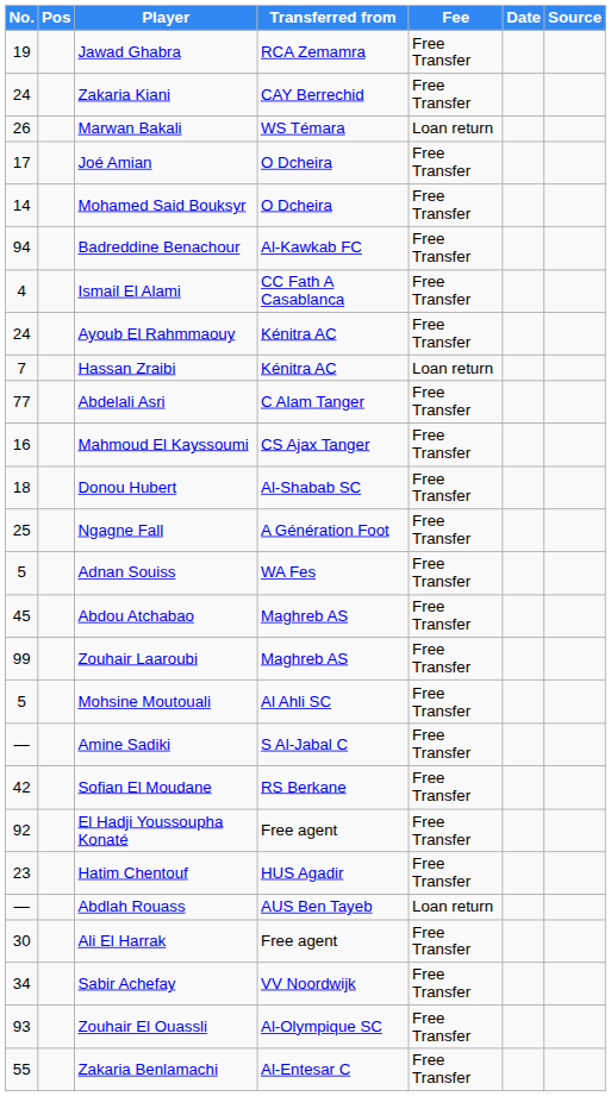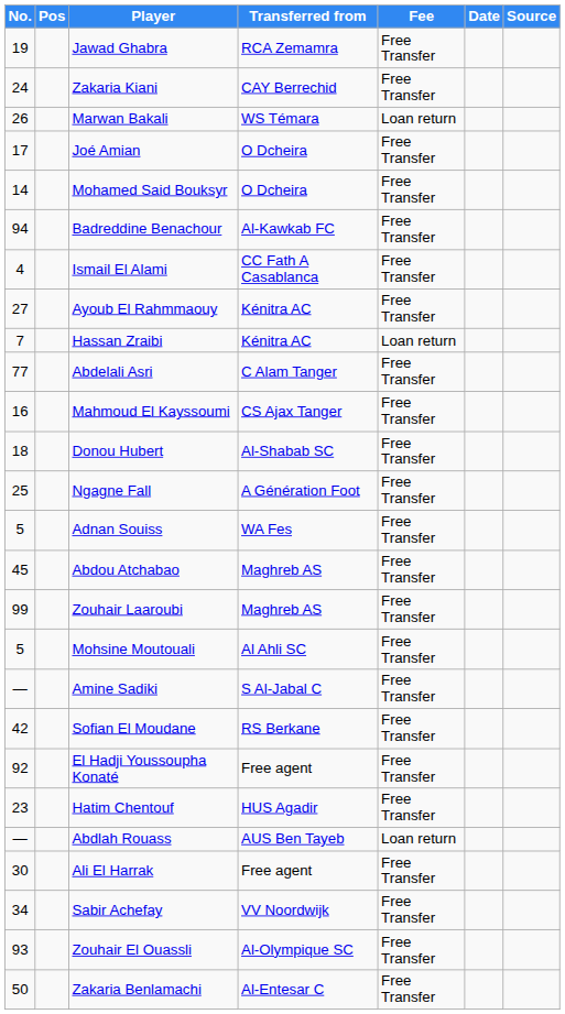 <table class="wikitable plainrowheaders sortable">
 <tr>
 <th style="background:#3088f2; color:#ffffff; ">No.</th>
 <th style="background:#3088f2; color:#ffffff; ">Pos</th>
 <th style="background:#3088f2; color:#ffffff; ">Player</th>
 <th style="background:#3088f2; color:#ffffff; ">Transferred from</th>
 <th style="background:#3088f2; color:#ffffff; ">Fee</th>
 <th style="background:#3088f2; color:#ffffff; ">Date</th>
 <th style="background:#3088f2; color:#ffffff; ">Source</th>
 </tr>
 <tr>
 <td align=center>19</td>
 <td align=center></td>
 <td> <a href='#'>Jawad Ghabra</a></td>
 <td><a href='#'>RCA Zemamra</a></td>
 <td>Free Transfer</td>
 <td></td>
 <td></td>
 </tr>
 <tr>
 <td align=center>24</td>
 <td align=center></td>
 <td> <a href='#'>Zakaria Kiani</a></td>
 <td><a href='#'>CAY Berrechid</a></td>
 <td>Free Transfer</td>
 <td></td>
 <td></td>
 </tr>
 <tr>
 <td align=center>26</td>
 <td align=center></td>
 <td> <a href='#'>Marwan Bakali</a></td>
 <td><a href='#'>WS Témara</a></td>
 <td>Loan return</td>
 <td></td>
 <td></td>
 </tr>
 <tr>
 <td align=center>17</td>
 <td align=center></td>
 <td> <a href='#'>Joé Amian</a></td>
 <td><a href='#'>O Dcheira</a></td>
 <td>Free Transfer</td>
 <td></td>
 <td></td>
 </tr>
 <tr>
 <td align=center>14</td>
 <td align=center></td>
 <td> <a href='#'>Mohamed Said Bouksyr</a></td>
 <td><a href='#'>O Dcheira</a></td>
 <td>Free Transfer</td>
 <td></td>
 <td></td>
 </tr>
 <tr>
 <td align=center>94</td>
 <td align=center></td>
 <td> <a href='#'>Badreddine Benachour</a></td>
 <td> <a href='#'>Al-Kawkab FC</a></td>
 <td>Free Transfer</td>
 <td></td>
 <td></td>
 </tr>
 <tr>
 <td align=center>4</td>
 <td align=center></td>
 <td> <a href='#'>Ismail El Alami</a></td>
 <td><a href='#'>CC Fath A Casablanca</a></td>
 <td>Free Transfer</td>
 <td></td>
 <td></td>
 </tr>
 <tr>
-<td align=center>24</td>
+<td align=center>27</td>
 <td align=center></td>
 <td> <a href='#'>Ayoub El Rahmmaouy</a></td>
 <td><a href='#'>Kénitra AC</a></td>
 <td>Free Transfer</td>
 <td></td>
 <td></td>
 </tr>
 <tr>
 <td align=center>7</td>
 <td align=center></td>
 <td> <a href='#'>Hassan Zraibi</a></td>
 <td><a href='#'>Kénitra AC</a></td>
 <td>Loan return</td>
 <td></td>
 <td></td>
 </tr>
 <tr>
 <td align=center>77</td>
 <td align=center></td>
 <td> <a href='#'>Abdelali Asri</a></td>
 <td><a href='#'>C Alam Tanger</a></td>
 <td>Free Transfer</td>
 <td></td>
 <td></td>
 </tr>
 <tr>
 <td align=center>16</td>
 <td align=center></td>
 <td> <a href='#'>Mahmoud El Kayssoumi</a></td>
 <td><a href='#'>CS Ajax Tanger</a></td>
 <td>Free Transfer</td>
 <td></td>
 <td></td>
 </tr>
 <tr>
 <td align=center>18</td>
 <td align=center></td>
 <td> <a href='#'>Donou Hubert</a></td>
 <td> <a href='#'>Al-Shabab SC</a></td>
 <td>Free Transfer</td>
 <td></td>
 <td></td>
 </tr>
 <tr>
 <td align=center>25</td>
 <td align=center></td>
 <td> <a href='#'>Ngagne Fall</a></td>
 <td> <a href='#'>A Génération Foot</a></td>
 <td>Free Transfer</td>
 <td></td>
 <td></td>
 </tr>
 <tr>
 <td align=center>5</td>
 <td align=center></td>
 <td> <a href='#'>Adnan Souiss</a></td>
 <td><a href='#'>WA Fes</a></td>
 <td>Free Transfer</td>
 <td></td>
 <td></td>
 </tr>
 <tr>
 <td align=center>45</td>
 <td align=center></td>
 <td> <a href='#'>Abdou Atchabao</a></td>
 <td><a href='#'>Maghreb AS</a></td>
 <td>Free Transfer</td>
 <td></td>
 <td></td>
 </tr>
 <tr>
 <td align=center>99</td>
 <td align=center></td>
 <td> <a href='#'>Zouhair Laaroubi</a></td>
 <td><a href='#'>Maghreb AS</a></td>
 <td>Free Transfer</td>
 <td></td>
 <td></td>
 </tr>
 <tr>
 <td align=center>5</td>
 <td align=center></td>
 <td> <a href='#'>Mohsine Moutouali</a></td>
 <td> <a href='#'>Al Ahli SC</a></td>
 <td>Free Transfer</td>
 <td></td>
 <td></td>
 </tr>
 <tr>
 <td align=center>—</td>
 <td align=center></td>
 <td> <a href='#'>Amine Sadiki</a></td>
 <td> <a href='#'>S Al-Jabal C</a></td>
 <td>Free Transfer</td>
 <td></td>
 <td></td>
 </tr>
 <tr>
 <td align=center>42</td>
 <td align=center></td>
 <td> <a href='#'>Sofian El Moudane</a></td>
 <td><a href='#'>RS Berkane</a></td>
 <td>Free Transfer</td>
 <td></td>
 <td></td>
 </tr>
 <tr>
 <td align=center>92</td>
 <td align=center></td>
 <td> <a href='#'>El Hadji Youssoupha Konaté</a></td>
 <td>Free agent</td>
 <td>Free Transfer</td>
 <td></td>
 <td></td>
 </tr>
 <tr>
 <td align=center>23</td>
 <td align=center></td>
 <td> <a href='#'>Hatim Chentouf</a></td>
 <td><a href='#'>HUS Agadir</a></td>
 <td>Free Transfer</td>
 <td></td>
 <td></td>
 </tr>
 <tr>
 <td align=center>—</td>
 <td align=center></td>
 <td> <a href='#'>Abdlah Rouass</a></td>
 <td><a href='#'>AUS Ben Tayeb</a></td>
 <td>Loan return</td>
 <td></td>
 <td></td>
 </tr>
 <tr>
 <td align=center>30</td>
 <td align=center></td>
 <td> <a href='#'>Ali El Harrak</a></td>
 <td>Free agent</td>
 <td>Free Transfer</td>
 <td></td>
 <td></td>
 </tr>
 <tr>
 <td align=center>34</td>
 <td align=center></td>
 <td> <a href='#'>Sabir Achefay</a></td>
 <td> <a href='#'>VV Noordwijk</a></td>
 <td>Free Transfer</td>
 <td></td>
 <td></td>
 </tr>
 <tr>
 <td align=center>93</td>
 <td align=center></td>
 <td> <a href='#'>Zouhair El Ouassli</a></td>
 <td> <a href='#'>Al-Olympique SC</a></td>
 <td>Free Transfer</td>
 <td></td>
 <td></td>
 </tr>
 <tr>
-<td align=center>55</td>
+<td align=center>50</td>
 <td align=center></td>
 <td> <a href='#'>Zakaria Benlamachi</a></td>
 <td> <a href='#'>Al-Entesar C</a></td>
 <td>Free Transfer</td>
 <td></td>
 <td></td>
 </tr>
 </table>
